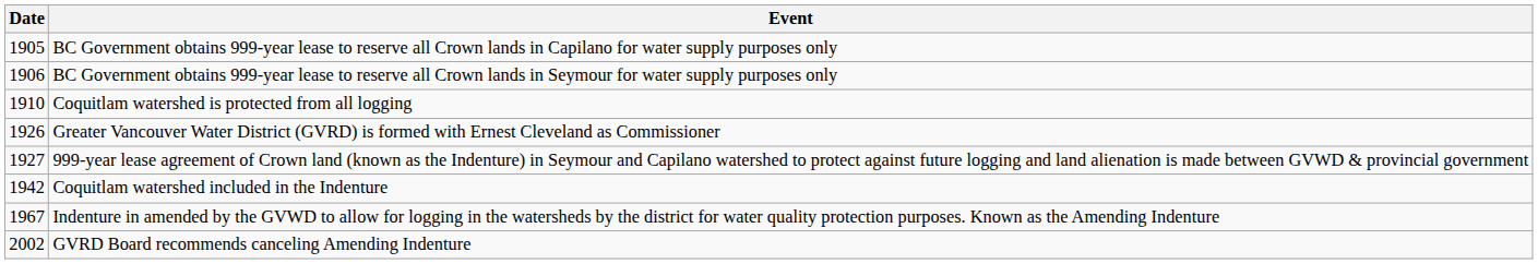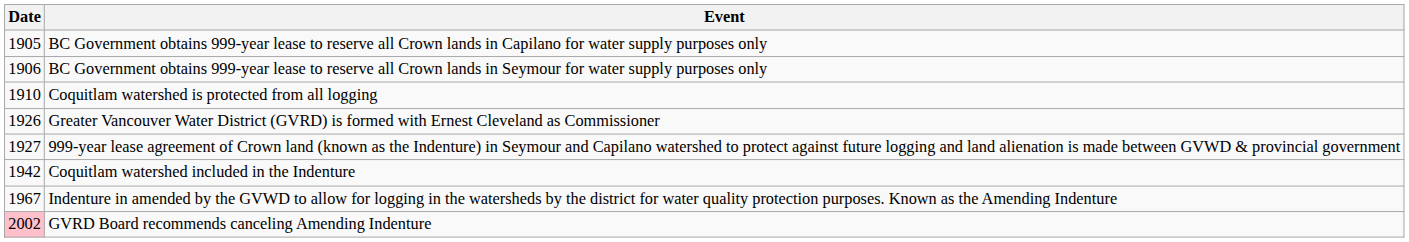 <table class="wikitable">
 <tr>
 <th>Date</th>
 <th>Event</th>
 </tr>
 <tr>
 <td>1905</td>
 <td>BC Government obtains 999-year lease to reserve all Crown lands in Capilano for water supply purposes only</td>
 </tr>
 <tr>
 <td>1906</td>
 <td>BC Government obtains 999-year lease to reserve all Crown lands in Seymour for water supply purposes only</td>
 </tr>
 <tr>
 <td>1910</td>
 <td>Coquitlam watershed is protected from all logging</td>
 </tr>
 <tr>
 <td>1926</td>
 <td>Greater Vancouver Water District (GVRD) is formed with Ernest Cleveland as Commissioner</td>
 </tr>
 <tr>
 <td>1927</td>
 <td>999-year lease agreement of Crown land (known as the Indenture) in Seymour and Capilano watershed to protect against future logging and land alienation is made between GVWD & provincial government</td>
 </tr>
 <tr>
 <td>1942</td>
 <td>Coquitlam watershed included in the Indenture</td>
 </tr>
 <tr>
 <td>1967</td>
 <td>Indenture in amended by the GVWD to allow for logging in the watersheds by the district for water quality protection purposes. Known as the Amending Indenture</td>
 </tr>
 <tr>
-<td>2002</td>
+<td style="background: pink;">2002</td>
 <td>GVRD Board recommends canceling Amending Indenture</td>
 </tr>
 </table>
